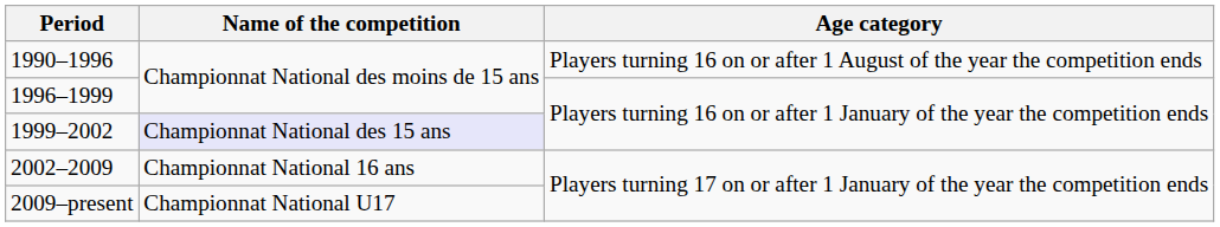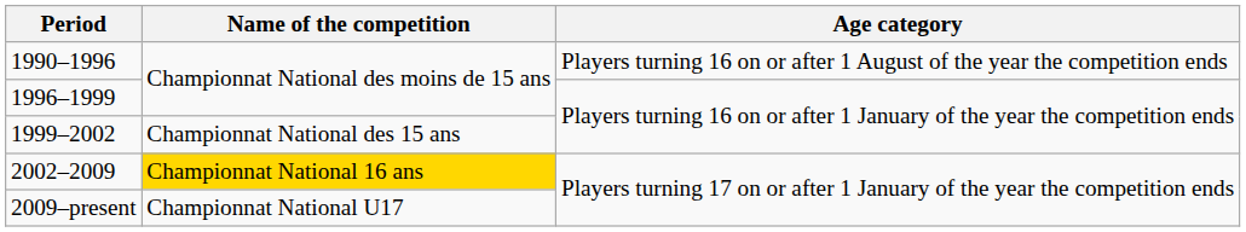 <table class="wikitable">
 <tr>
 <th>Period</th>
 <th>Name of the competition</th>
 <th>Age category</th>
 </tr>
 <tr>
 <td>1990–1996</td>
 <td rowspan="2">Championnat National des moins de 15 ans</td>
 <td>Players turning 16 on or after 1 August of the year the competition ends</td>
 </tr>
 <tr>
 <td>1996–1999</td>
 <td rowspan="2">Players turning 16 on or after 1 January of the year the competition ends</td>
 </tr>
 <tr>
 <td>1999–2002</td>
-<td style="background: lavender;">Championnat National des 15 ans</td>
+<td>Championnat National des 15 ans</td>
 </tr>
 <tr>
 <td>2002–2009</td>
-<td>Championnat National 16 ans</td>
+<td style="background: gold;">Championnat National 16 ans</td>
 <td rowspan="2">Players turning 17 on or after 1 January of the year the competition ends</td>
 </tr>
 <tr>
 <td>2009–present</td>
 <td>Championnat National U17</td>
 </tr>
 </table>
